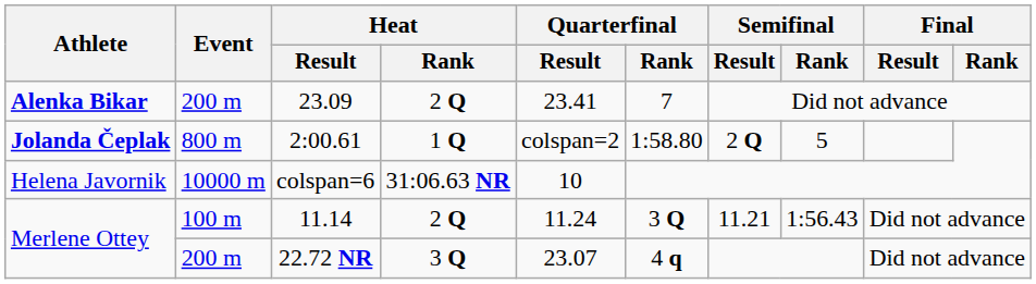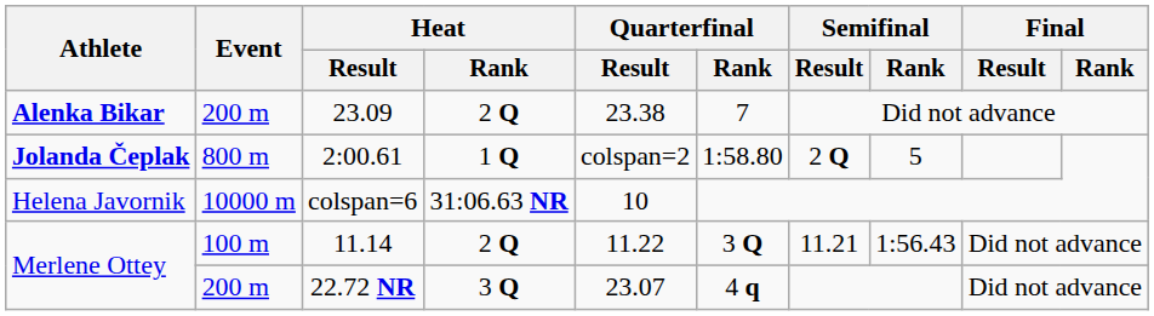 <table class=wikitable style="font-size:90%">
 <tr>
 <th rowspan="2">Athlete</th>
 <th rowspan="2">Event</th>
 <th colspan="2">Heat</th>
 <th colspan="2">Quarterfinal</th>
 <th colspan="2">Semifinal</th>
 <th colspan="2">Final</th>
 </tr>
 <tr style="font-size:95%">
 <th>Result</th>
 <th>Rank</th>
 <th>Result</th>
 <th>Rank</th>
 <th>Result</th>
 <th>Rank</th>
 <th>Result</th>
 <th>Rank</th>
 </tr>
 <tr align=center>
 <td align=left><strong><a href='#'>Alenka Bikar</a></strong></td>
 <td align=left><a href='#'>200 m</a></td>
 <td>23.09</td>
 <td>2 <strong>Q</strong></td>
-<td>23.41</td>
+<td>23.38</td>
 <td>7</td>
 <td colspan=4>Did not advance</td>
 </tr>
 <tr align=center>
 <td align=left><strong><a href='#'>Jolanda Čeplak</a></strong></td>
 <td align=left><a href='#'>800 m</a></td>
 <td>2:00.61</td>
 <td>1 <strong>Q</strong></td>
 <td>colspan=2 </td>
 <td>1:58.80</td>
 <td>2 <strong>Q</strong></td>
 <td>5</td>
 <td></td>
 </tr>
 <tr align=center>
 <td align=left><a href='#'>Helena Javornik</a></td>
 <td align=left><a href='#'>10000 m</a></td>
 <td>colspan=6 </td>
 <td>31:06.63 <strong><a href='#'>NR</a></strong></td>
 <td>10</td>
 </tr>
 <tr align=center>
 <td align=left rowspan=2><a href='#'>Merlene Ottey</a></td>
 <td align=left><a href='#'>100 m</a></td>
 <td>11.14</td>
 <td>2 <strong>Q</strong></td>
-<td>11.24</td>
+<td>11.22</td>
 <td>3 <strong>Q</strong></td>
 <td>11.21</td>
 <td>1:56.43</td>
 <td colspan=2>Did not advance</td>
 </tr>
 <tr align=center>
 <td align=left><a href='#'>200 m</a></td>
 <td>22.72 <strong><a href='#'>NR</a></strong></td>
 <td>3 <strong>Q</strong></td>
 <td>23.07</td>
 <td>4 <strong>q</strong></td>
 <td colspan=2></td>
 <td colspan=2>Did not advance</td>
 </tr>
 </table>
